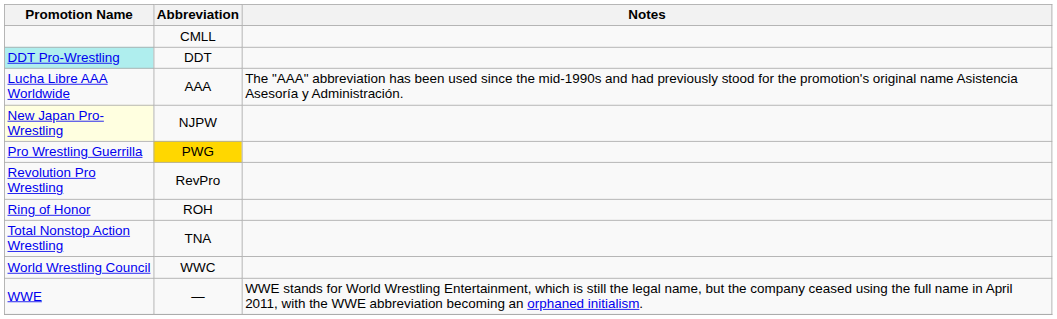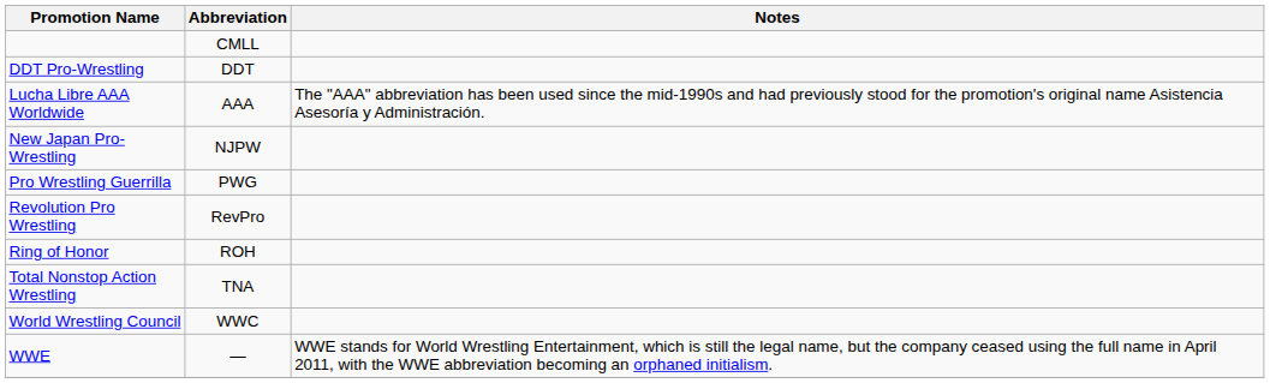 <table class="wikitable">
 <tr>
 <th>Promotion Name</th>
 <th>Abbreviation</th>
 <th>Notes</th>
 </tr>
 <tr>
 <td></td>
 <td align=center>CMLL</td>
 <td></td>
 </tr>
 <tr>
-<td style="background: paleturquoise;"><a href='#'>DDT Pro-Wrestling</a></td>
+<td><a href='#'>DDT Pro-Wrestling</a></td>
 <td align=center>DDT</td>
 <td></td>
 </tr>
 <tr>
 <td><a href='#'>Lucha Libre AAA Worldwide</a></td>
 <td align=center>AAA</td>
 <td>The "AAA" abbreviation has been used since the mid-1990s and had previously stood for the promotion's original name Asistencia Asesoría y Administración.</td>
 </tr>
 <tr>
-<td style="background: lightyellow;"><a href='#'>New Japan Pro-Wrestling</a></td>
+<td><a href='#'>New Japan Pro-Wrestling</a></td>
 <td align=center>NJPW</td>
 <td></td>
 </tr>
 <tr>
 <td><a href='#'>Pro Wrestling Guerrilla</a></td>
-<td align=center style="background: gold;">PWG</td>
+<td align=center>PWG</td>
 <td></td>
 </tr>
 <tr>
 <td><a href='#'>Revolution Pro Wrestling</a></td>
 <td align=center>RevPro</td>
 <td></td>
 </tr>
 <tr>
 <td><a href='#'>Ring of Honor</a></td>
 <td align=center>ROH</td>
 <td></td>
 </tr>
 <tr>
 <td><a href='#'>Total Nonstop Action Wrestling</a></td>
 <td align=center>TNA</td>
 <td></td>
 </tr>
 <tr>
 <td><a href='#'>World Wrestling Council</a></td>
 <td align=center>WWC</td>
 <td></td>
 </tr>
 <tr>
 <td><a href='#'>WWE</a></td>
 <td align=center>—</td>
 <td>WWE stands for World Wrestling Entertainment, which is still the legal name, but the company ceased using the full name in April 2011, with the WWE abbreviation becoming an <a href='#'>orphaned initialism</a>.<br></td>
 </tr>
 <tr>
 </tr>
 </table>
